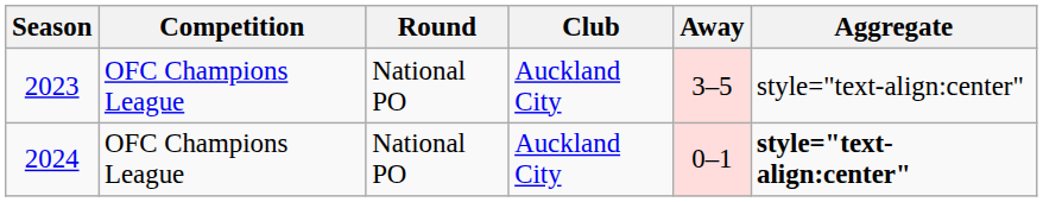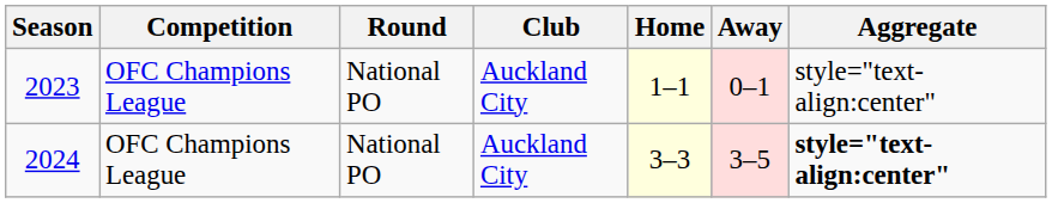 <table class="wikitable">
 <tr>
 <th>Season</th>
 <th>Competition</th>
 <th>Round</th>
 <th>Club</th>
+<th>Home</th>
 <th>Away</th>
 <th>Aggregate</th>
 </tr>
 <tr>
 <td rowspan="1" style="text-align:center;"><a href='#'>2023</a></td>
 <td rowspan="1"><a href='#'>OFC Champions League</a></td>
 <td rowspan="1">National PO</td>
 <td> <a href='#'>Auckland City</a></td>
-<td colspan="1;" style="text-align:center; background:#fdd;">3–5</td>
+<td style="text-align:center; background:#ffd;">1–1</td>
+<td colspan="1;" style="text-align:center; background:#fdd;">0–1</td>
 <td>style="text-align:center" </td>
 </tr>
 <tr>
 <td rowspan="1" style="text-align:center;"><a href='#'>2024</a></td>
 <td rowspan="1">OFC Champions League</td>
 <td rowspan="1">National PO</td>
 <td> <a href='#'>Auckland City</a></td>
-<td colspan="1;" style="text-align:center; background:#fdd;">0–1</td>
+<td style="text-align:center; background:#ffd;">3–3</td>
+<td colspan="1;" style="text-align:center; background:#fdd;">3–5</td>
 <td><strong>style="text-align:center" </strong></td>
 </tr>
 </table>
